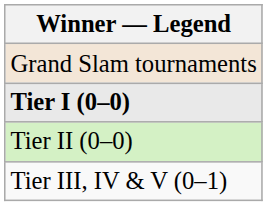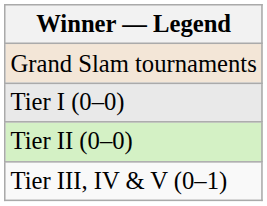 <table class="wikitable sortable mw-collapsible mw-collapsed">
 <tr>
 <th>Winner — Legend</th>
 </tr>
 <tr>
 <td bgcolor=#f3e6d7>Grand Slam tournaments</td>
 </tr>
 <tr>
-<td bgcolor=#e9e9e9><strong>Tier I (0–0)</strong></td>
+<td bgcolor=#e9e9e9>Tier I (0–0)</td>
 </tr>
 <tr>
 <td bgcolor=#d4f1c5>Tier II (0–0)</td>
 </tr>
 <tr>
 <td>Tier III, IV & V (0–1)</td>
 </tr>
 </table>
